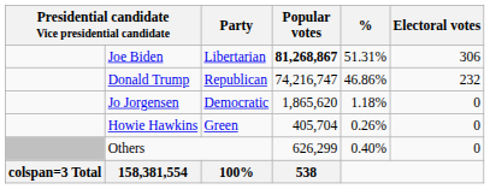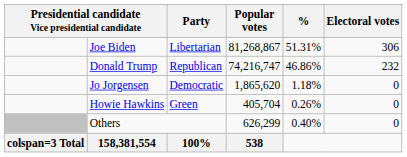 <table class="wikitable" style="text-align:right; line-height:1.2">
 <tr>
 <th colspan=2>Presidential candidate<br><small>Vice presidential candidate</small></th>
 <th>Party</th>
 <th>Popular<br>votes</th>
 <th>%</th>
 <th>Electoral votes</th>
 </tr>
 <tr>
 <td style=background:></td>
 <td align=left><a href='#'>Joe Biden</a><br></td>
 <td align=left><a href='#'>Libertarian</a></td>
-<td><strong>81,268,867</strong></td>
+<td>81,268,867</td>
 <td>51.31%</td>
 <td>306</td>
 </tr>
 <tr>
 <td style=background-color:></td>
 <td align=left><a href='#'>Donald Trump</a> <br></td>
 <td align=left><a href='#'>Republican</a></td>
 <td>74,216,747</td>
 <td>46.86%</td>
 <td>232</td>
 </tr>
 <tr>
 <td style=background:></td>
 <td align=left><a href='#'>Jo Jorgensen</a><br></td>
 <td align=left><a href='#'>Democratic</a></td>
 <td>1,865,620</td>
 <td>1.18%</td>
 <td>0</td>
 </tr>
 <tr>
 <td style=background:></td>
 <td align=left><a href='#'>Howie Hawkins</a><br></td>
 <td align=left><a href='#'>Green</a></td>
 <td>405,704</td>
 <td>0.26%</td>
 <td>0</td>
 </tr>
 <tr>
 <td bgcolor=#C0C0C0></td>
 <td colspan=2 align=left>Others</td>
 <td>626,299</td>
 <td>0.40%</td>
 <td>0</td>
 </tr>
 <tr>
 <th>colspan=3  Total</th>
 <th> 158,381,554</th>
 <th> 100%</th>
 <th> 538</th>
 </tr>
 </table>
